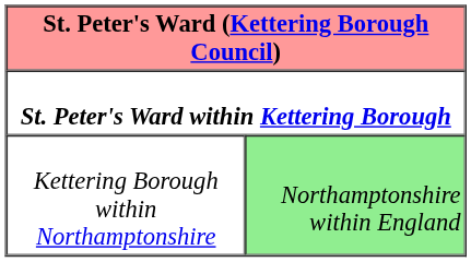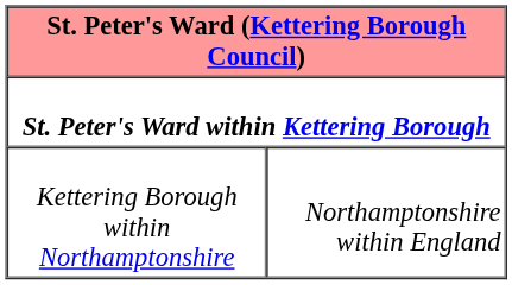 <table border="1" cellpadding="2" cellspacing="0"  style="float:right; width:300px;">
 <tr>
 <th colspan="2"  style="text-align:center; background:#f99;">St. Peter's Ward (<a href='#'>Kettering Borough Council</a>)</th>
 </tr>
 <tr>
 <th colspan=2 alignn=center><br><em>St. Peter's Ward within <a href='#'>Kettering Borough</a></em></th>
 </tr>
 <tr>
 <td align=center><br><em>Kettering Borough within <a href='#'>Northamptonshire</a></em></td>
-<td align=right style="background: lightgreen;"><br><em>Northamptonshire within England</em></td>
+<td align=right><br><em>Northamptonshire within England</em></td>
 </tr>
 </table>
